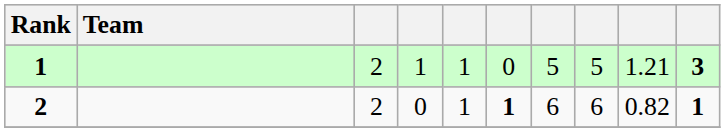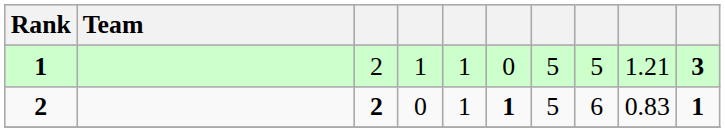 <table class="wikitable" style="text-align: center;">
 <tr>
 <th width=30>Rank</th>
 <th width=165 style="text-align:left;">Team</th>
 <th width=20></th>
 <th width=20></th>
 <th width=20></th>
 <th width=20></th>
 <th width=20></th>
 <th width=20></th>
 <th width=20></th>
 <th width=20></th>
 </tr>
 <tr style="background:#ccffcc;">
 <td><strong>1</strong></td>
 <td style="text-align:left;"></td>
 <td>2</td>
 <td>1</td>
 <td>1</td>
 <td>0</td>
 <td>5</td>
 <td>5</td>
 <td>1.21</td>
 <td><strong>3</strong></td>
 </tr>
 <tr>
 <td><strong>2</strong></td>
 <td style="text-align:left;"></td>
-<td>2</td>
+<td><strong>2</strong></td>
 <td>0</td>
 <td>1</td>
 <td><strong>1</strong></td>
+<td>5</td>
 <td>6</td>
-<td>6</td>
-<td>0.82</td>
+<td>0.83</td>
 <td><strong>1</strong></td>
 </tr>
 <tr>
 </tr>
 </table>
